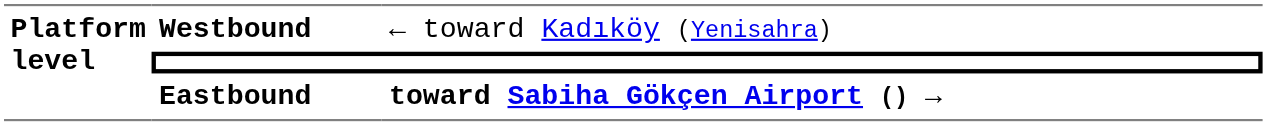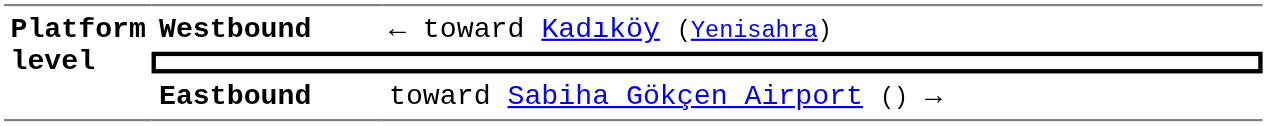 <table table border=0 cellspacing=0 cellpadding=3>
 <tr>
 <td style="border-top:solid 1px gray;border-bottom:solid 1px gray;" width=50 rowspan=3 valign=top><strong>Platform level</strong></td>
 <td style="border-top:solid 1px gray;" width=100><strong>Westbound</strong></td>
 <td style="border-top:solid 1px gray;" width=400>←  toward <a href='#'>Kadıköy</a> <small>(<a href='#'>Yenisahra</a>)</small></td>
 </tr>
 <tr>
 <td style="border-top:solid 2px black;border-right:solid 2px black;border-left:solid 2px black;border-bottom:solid 2px black;text-align:center;" colspan=2></td>
 </tr>
 <tr>
 <td style="border-bottom:solid 1px gray;"><strong>Eastbound</strong></td>
-<td style="border-bottom:solid 1px gray;"><strong> toward <a href='#'>Sabiha Gökçen Airport</a> <small>()</small> →</strong></td>
+<td style="border-bottom:solid 1px gray;"> toward <a href='#'>Sabiha Gökçen Airport</a> <small>()</small> →</td>
 </tr>
 </table>
